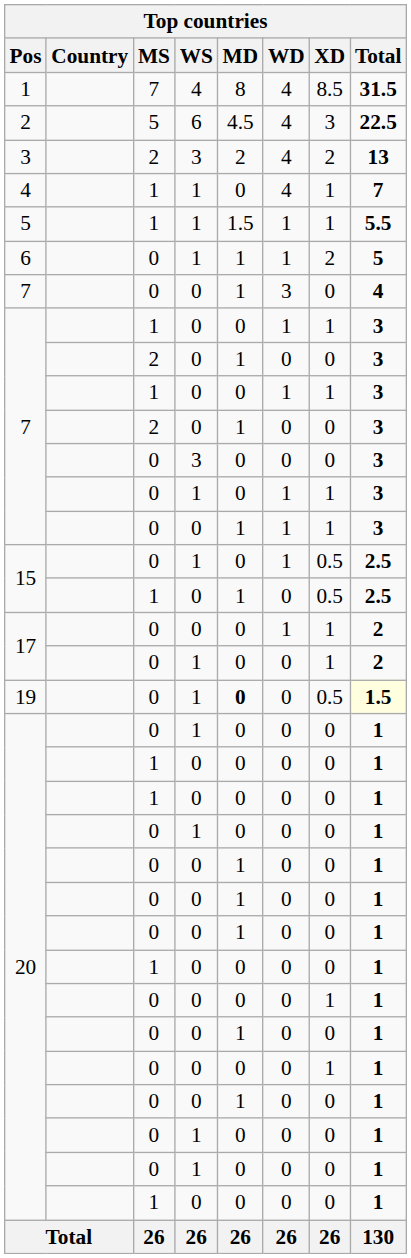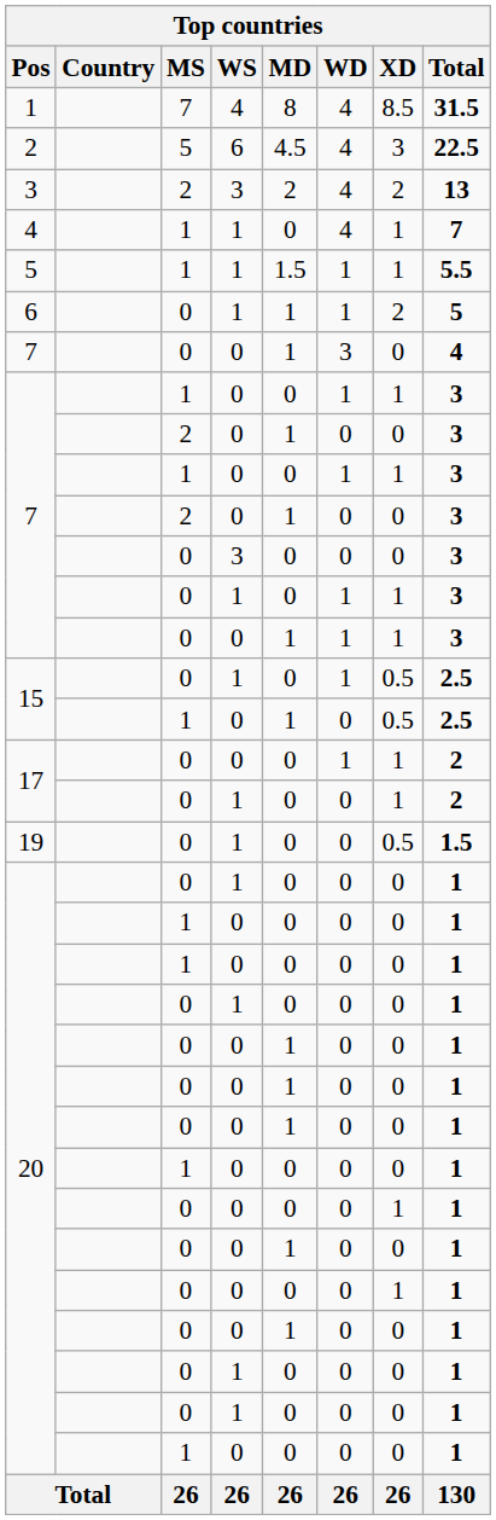 <table class="wikitable" style="text-align:center">
 <tr>
 <th colspan="10">Top countries</th>
 </tr>
 <tr>
 <th>Pos</th>
 <th>Country</th>
 <th>MS</th>
 <th>WS</th>
 <th>MD</th>
 <th>WD</th>
 <th>XD</th>
 <th>Total</th>
 </tr>
 <tr>
 <td>1</td>
 <td align="left"></td>
 <td>7</td>
 <td>4</td>
 <td>8</td>
 <td>4</td>
 <td>8.5</td>
 <td><strong>31.5</strong></td>
 </tr>
 <tr>
 <td>2</td>
 <td align="left"></td>
 <td>5</td>
 <td>6</td>
 <td>4.5</td>
 <td>4</td>
 <td>3</td>
 <td><strong>22.5</strong></td>
 </tr>
 <tr>
 <td>3</td>
 <td align="left"><strong></strong></td>
 <td>2</td>
 <td>3</td>
 <td>2</td>
 <td>4</td>
 <td>2</td>
 <td><strong>13</strong></td>
 </tr>
 <tr>
 <td>4</td>
 <td align="left"></td>
 <td>1</td>
 <td>1</td>
 <td>0</td>
 <td>4</td>
 <td>1</td>
 <td><strong>7</strong></td>
 </tr>
 <tr>
 <td>5</td>
 <td align="left"><em></em></td>
 <td>1</td>
 <td>1</td>
 <td>1.5</td>
 <td>1</td>
 <td>1</td>
 <td><strong>5.5</strong></td>
 </tr>
 <tr>
 <td>6</td>
 <td align="left"></td>
 <td>0</td>
 <td>1</td>
 <td>1</td>
 <td>1</td>
 <td>2</td>
 <td><strong>5</strong></td>
 </tr>
 <tr>
 <td>7</td>
 <td align="left"></td>
 <td>0</td>
 <td>0</td>
 <td>1</td>
 <td>3</td>
 <td>0</td>
 <td><strong>4</strong></td>
 </tr>
 <tr>
 <td rowspan=7>7</td>
 <td align="left"></td>
 <td>1</td>
 <td>0</td>
 <td>0</td>
 <td>1</td>
 <td>1</td>
 <td><strong>3</strong></td>
 </tr>
 <tr>
 <td align="left"></td>
 <td>2</td>
 <td>0</td>
 <td>1</td>
 <td>0</td>
 <td>0</td>
 <td><strong>3</strong></td>
 </tr>
 <tr>
 <td align="left"></td>
 <td>1</td>
 <td>0</td>
 <td>0</td>
 <td>1</td>
 <td>1</td>
 <td><strong>3</strong></td>
 </tr>
 <tr>
 <td align="left"></td>
 <td>2</td>
 <td>0</td>
 <td>1</td>
 <td>0</td>
 <td>0</td>
 <td><strong>3</strong></td>
 </tr>
 <tr>
 <td align="left"></td>
 <td>0</td>
 <td>3</td>
 <td>0</td>
 <td>0</td>
 <td>0</td>
 <td><strong>3</strong></td>
 </tr>
 <tr>
 <td align="left"></td>
 <td>0</td>
 <td>1</td>
 <td>0</td>
 <td>1</td>
 <td>1</td>
 <td><strong>3</strong></td>
 </tr>
 <tr>
 <td align="left"></td>
 <td>0</td>
 <td>0</td>
 <td>1</td>
 <td>1</td>
 <td>1</td>
 <td><strong>3</strong></td>
 </tr>
 <tr>
 <td rowspan=2>15</td>
 <td align="left"></td>
 <td>0</td>
 <td>1</td>
 <td>0</td>
 <td>1</td>
 <td>0.5</td>
 <td><strong>2.5</strong></td>
 </tr>
 <tr>
 <td align="left"></td>
 <td>1</td>
 <td>0</td>
 <td>1</td>
 <td>0</td>
 <td>0.5</td>
 <td><strong>2.5</strong></td>
 </tr>
 <tr>
 <td rowspan=2>17</td>
 <td align="left"></td>
 <td>0</td>
 <td>0</td>
 <td>0</td>
 <td>1</td>
 <td>1</td>
 <td><strong>2</strong></td>
 </tr>
 <tr>
 <td align="left"></td>
 <td>0</td>
 <td>1</td>
 <td>0</td>
 <td>0</td>
 <td>1</td>
 <td><strong>2</strong></td>
 </tr>
 <tr>
 <td>19</td>
 <td align="left"></td>
 <td>0</td>
 <td>1</td>
-<td><strong>0</strong></td>
+<td>0</td>
 <td>0</td>
 <td>0.5</td>
-<td style="background: lightyellow;"><strong>1.5</strong></td>
+<td><strong>1.5</strong></td>
 </tr>
 <tr>
 <td rowspan=15>20</td>
 <td align="left"></td>
 <td>0</td>
 <td>1</td>
 <td>0</td>
 <td>0</td>
 <td>0</td>
 <td><strong>1</strong></td>
 </tr>
 <tr>
 <td align="left"></td>
 <td>1</td>
 <td>0</td>
 <td>0</td>
 <td>0</td>
 <td>0</td>
 <td><strong>1</strong></td>
 </tr>
 <tr>
 <td align="left"><em></em></td>
 <td>1</td>
 <td>0</td>
 <td>0</td>
 <td>0</td>
 <td>0</td>
 <td><strong>1</strong></td>
 </tr>
 <tr>
 <td align="left"></td>
 <td>0</td>
 <td>1</td>
 <td>0</td>
 <td>0</td>
 <td>0</td>
 <td><strong>1</strong></td>
 </tr>
 <tr>
 <td align="left"></td>
 <td>0</td>
 <td>0</td>
 <td>1</td>
 <td>0</td>
 <td>0</td>
 <td><strong>1</strong></td>
 </tr>
 <tr>
 <td align="left"></td>
 <td>0</td>
 <td>0</td>
 <td>1</td>
 <td>0</td>
 <td>0</td>
 <td><strong>1</strong></td>
 </tr>
 <tr>
 <td align="left"></td>
 <td>0</td>
 <td>0</td>
 <td>1</td>
 <td>0</td>
 <td>0</td>
 <td><strong>1</strong></td>
 </tr>
 <tr>
 <td align="left"></td>
 <td>1</td>
 <td>0</td>
 <td>0</td>
 <td>0</td>
 <td>0</td>
 <td><strong>1</strong></td>
 </tr>
 <tr>
 <td align="left"></td>
 <td>0</td>
 <td>0</td>
 <td>0</td>
 <td>0</td>
 <td>1</td>
 <td><strong>1</strong></td>
 </tr>
 <tr>
 <td align="left"></td>
 <td>0</td>
 <td>0</td>
 <td>1</td>
 <td>0</td>
 <td>0</td>
 <td><strong>1</strong></td>
 </tr>
 <tr>
 <td align="left"></td>
 <td>0</td>
 <td>0</td>
 <td>0</td>
 <td>0</td>
 <td>1</td>
 <td><strong>1</strong></td>
 </tr>
 <tr>
 <td align="left"></td>
 <td>0</td>
 <td>0</td>
 <td>1</td>
 <td>0</td>
 <td>0</td>
 <td><strong>1</strong></td>
 </tr>
 <tr>
 <td align="left"></td>
 <td>0</td>
 <td>1</td>
 <td>0</td>
 <td>0</td>
 <td>0</td>
 <td><strong>1</strong></td>
 </tr>
 <tr>
 <td align="left"></td>
 <td>0</td>
 <td>1</td>
 <td>0</td>
 <td>0</td>
 <td>0</td>
 <td><strong>1</strong></td>
 </tr>
 <tr>
 <td align="left"></td>
 <td>1</td>
 <td>0</td>
 <td>0</td>
 <td>0</td>
 <td>0</td>
 <td><strong>1</strong></td>
 </tr>
 <tr>
 <th colspan="2">Total</th>
 <th>26</th>
 <th>26</th>
 <th>26</th>
 <th>26</th>
 <th>26</th>
 <th>130</th>
 </tr>
 </table>
